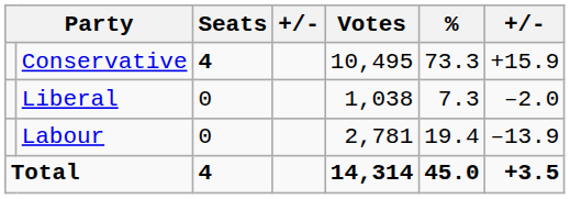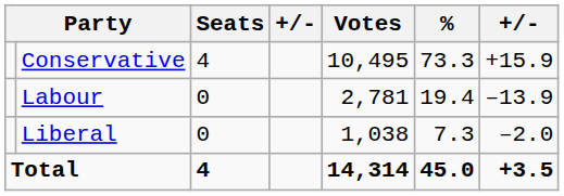 <table class="wikitable sortable">
 <tr>
 <th colspan="2">Party</th>
 <th>Seats</th>
 <th>+/-</th>
 <th>Votes</th>
 <th>%</th>
 <th>+/-</th>
 </tr>
 <tr>
 <td style="background-color: "></td>
 <td><a href='#'>Conservative</a></td>
-<td><strong>4</strong></td>
+<td>4</td>
 <td></td>
 <td style="text-align:right;">10,495</td>
 <td style="text-align:right;">73.3</td>
 <td style="text-align:right;">+15.9</td>
+</tr>
+<tr>
+<td style="background-color: "></td>
+<td><a href='#'>Labour</a></td>
+<td>0</td>
+<td></td>
+<td style="text-align:right;">2,781</td>
+<td style="text-align:right;">19.4</td>
+<td style="text-align:right;">–13.9</td>
 </tr>
 <tr>
 <td style="background-color: "></td>
 <td><a href='#'>Liberal</a></td>
 <td>0</td>
 <td></td>
 <td style="text-align:right;">1,038</td>
 <td style="text-align:right;">7.3</td>
 <td style="text-align:right;">–2.0</td>
 </tr>
 <tr>
-<td style="background-color: "></td>
-<td><a href='#'>Labour</a></td>
-<td>0</td>
-<td></td>
-<td style="text-align:right;">2,781</td>
-<td style="text-align:right;">19.4</td>
-<td style="text-align:right;">–13.9</td>
-</tr>
-<tr>
 <td colspan="2"><strong>Total</strong></td>
 <td><strong>4</strong></td>
 <td></td>
 <td style="text-align:right;"><strong>14,314</strong></td>
 <td style="text-align:right;"><strong>45.0</strong></td>
 <td style="text-align:right;"><strong>+3.5</strong></td>
 </tr>
 </table>
